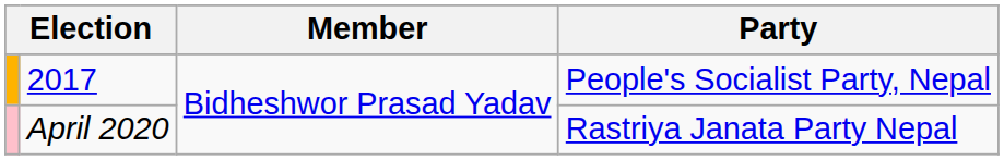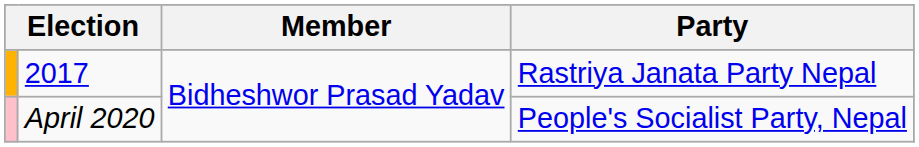 <table class="wikitable">
 <tr>
 <th colspan="2">Election</th>
 <th>Member</th>
 <th>Party</th>
 </tr>
 <tr>
 <td style="background-color:#ffb300"></td>
 <td><a href='#'>2017</a></td>
 <td rowspan="2"><a href='#'>Bidheshwor Prasad Yadav</a></td>
-<td><a href='#'>People's Socialist Party, Nepal</a></td>
+<td><a href='#'>Rastriya Janata Party Nepal</a></td>
 </tr>
 <tr>
 <td style="background-color:pink"></td>
 <td><em>April 2020</em></td>
-<td><a href='#'>Rastriya Janata Party Nepal</a></td>
+<td><a href='#'>People's Socialist Party, Nepal</a></td>
 </tr>
 </table>
